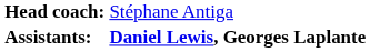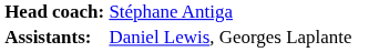 <table>
 <tr>
 <td><strong>Head coach:</strong></td>
 <td><a href='#'>Stéphane Antiga</a></td>
 </tr>
 <tr>
 <td><strong>Assistants:</strong></td>
-<td><strong><a href='#'>Daniel Lewis</a>, Georges Laplante</strong></td>
+<td><a href='#'>Daniel Lewis</a>, Georges Laplante</td>
 </tr>
 </table>
